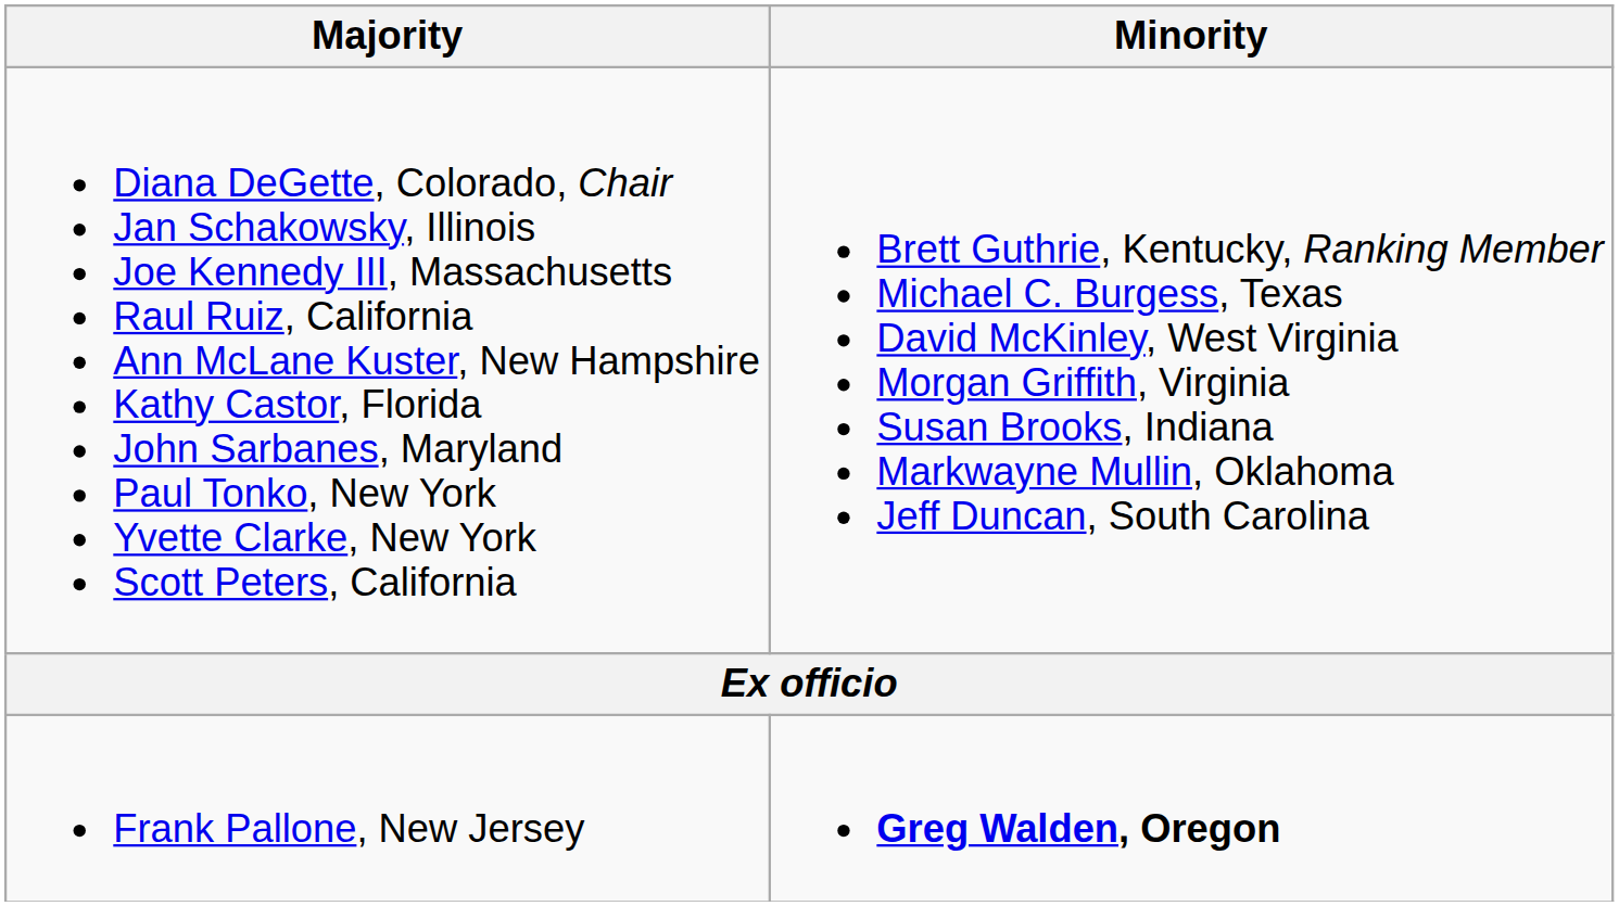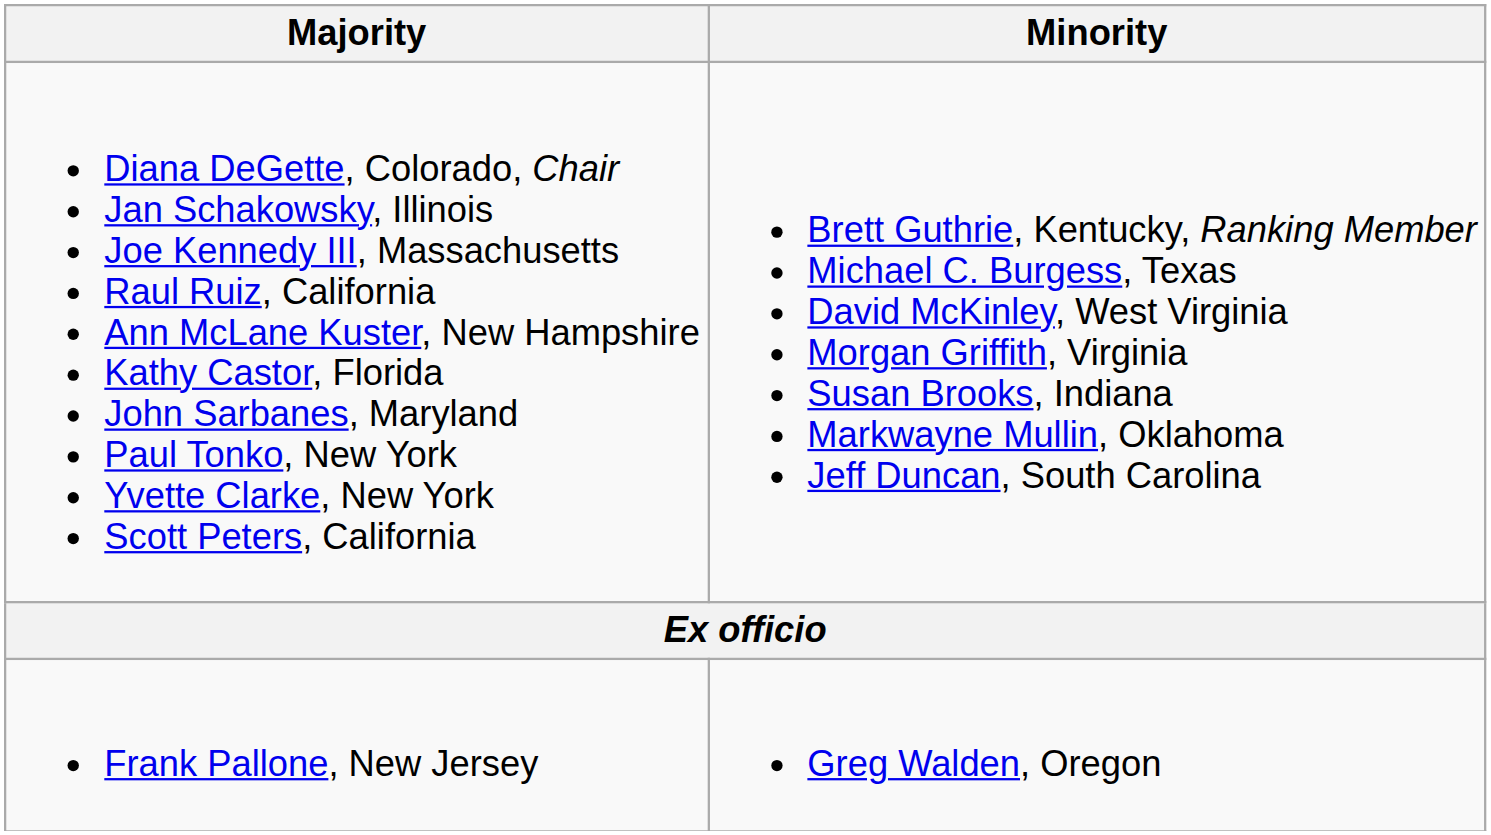 <table class=wikitable>
 <tr>
 <th>Majority</th>
 <th>Minority</th>
 </tr>
 <tr>
 <td><br><ul><li><a href='#'>Diana DeGette</a>, Colorado, <em>Chair</em></li><li><a href='#'>Jan Schakowsky</a>, Illinois</li><li><a href='#'>Joe Kennedy III</a>, Massachusetts</li><li><a href='#'>Raul Ruiz</a>, California</li><li><a href='#'>Ann McLane Kuster</a>, New Hampshire</li><li><a href='#'>Kathy Castor</a>, Florida</li><li><a href='#'>John Sarbanes</a>, Maryland</li><li><a href='#'>Paul Tonko</a>, New York</li><li><a href='#'>Yvette Clarke</a>, New York</li><li><a href='#'>Scott Peters</a>, California</li></ul></td>
 <td><br><ul><li><a href='#'>Brett Guthrie</a>, Kentucky, <em>Ranking Member</em></li><li><a href='#'>Michael C. Burgess</a>, Texas</li><li><a href='#'>David McKinley</a>, West Virginia</li><li><a href='#'>Morgan Griffith</a>, Virginia</li><li><a href='#'>Susan Brooks</a>, Indiana</li><li><a href='#'>Markwayne Mullin</a>, Oklahoma</li><li><a href='#'>Jeff Duncan</a>, South Carolina</li></ul></td>
 </tr>
 <tr>
 <th colspan=2><em>Ex officio</em></th>
 </tr>
 <tr>
 <td><br><ul><li><a href='#'>Frank Pallone</a>, New Jersey</li></ul></td>
-<td><strong><br><ul><li><a href='#'>Greg Walden</a>, Oregon</li></ul></strong></td>
+<td><br><ul><li><a href='#'>Greg Walden</a>, Oregon</li></ul></td>
 </tr>
 </table>
